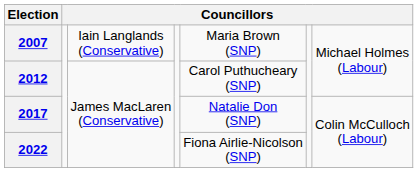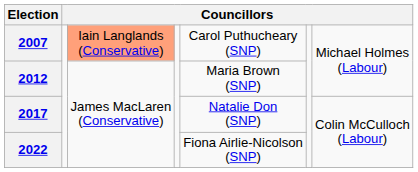 <table class="wikitable" style="text-align:center">
 <tr>
 <th>Election</th>
 <th colspan=8>Councillors</th>
 </tr>
 <tr>
 <th><a href='#'>2007</a></th>
 <td rowspan=4 style="color:inherit;background-color: "></td>
-<td rowspan=1>Iain Langlands<br>(<a href='#'>Conservative</a>)</td>
+<td rowspan=1 style="background: lightsalmon;">Iain Langlands<br>(<a href='#'>Conservative</a>)</td>
 <td rowspan=4 style="color:inherit;background-color: "></td>
-<td rowspan=1>Maria Brown<br>(<a href='#'>SNP</a>)</td>
+<td rowspan=1>Carol Puthucheary<br>(<a href='#'>SNP</a>)</td>
 <td rowspan=4 style="color:inherit;background-color: "></td>
 <td rowspan=2>Michael Holmes<br>(<a href='#'>Labour</a>)</td>
 </tr>
 <tr>
 <th><a href='#'>2012</a></th>
 <td rowspan=3>James MacLaren<br>(<a href='#'>Conservative</a>)</td>
-<td rowspan=1>Carol Puthucheary<br>(<a href='#'>SNP</a>)</td>
+<td rowspan=1>Maria Brown<br>(<a href='#'>SNP</a>)</td>
 </tr>
 <tr>
 <th><a href='#'>2017</a></th>
 <td rowspan=1><a href='#'>Natalie Don</a><br>(<a href='#'>SNP</a>)</td>
 <td rowspan=2>Colin McCulloch<br>(<a href='#'>Labour</a>)</td>
 </tr>
 <tr>
 <th><a href='#'>2022</a></th>
 <td rowspan=1>Fiona Airlie-Nicolson<br>(<a href='#'>SNP</a>)</td>
 </tr>
 </table>
